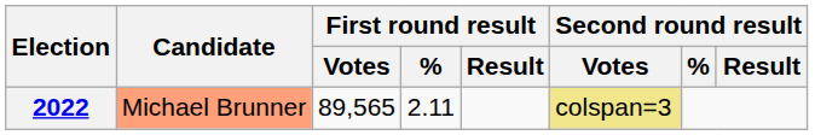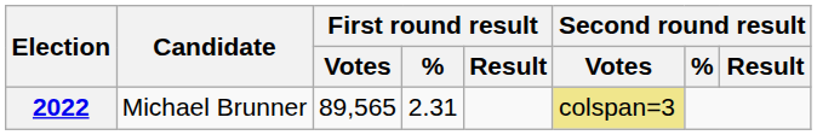 <table class="wikitable" style="font-size:97%;">
 <tr>
 <th rowspan="2">Election</th>
 <th rowspan="2">Candidate</th>
 <th colspan=3>First round result</th>
 <th colspan=3>Second round result</th>
 </tr>
 <tr>
 <th>Votes</th>
 <th>%</th>
 <th>Result</th>
 <th>Votes</th>
 <th>%</th>
 <th>Result</th>
 </tr>
 <tr>
 <th><a href='#'>2022</a></th>
-<td style="background: lightsalmon;">Michael Brunner</td>
+<td>Michael Brunner</td>
 <td>89,565</td>
-<td>2.11</td>
+<td>2.31</td>
 <td></td>
 <td style="background: khaki;">colspan=3 </td>
 </tr>
 </table>
